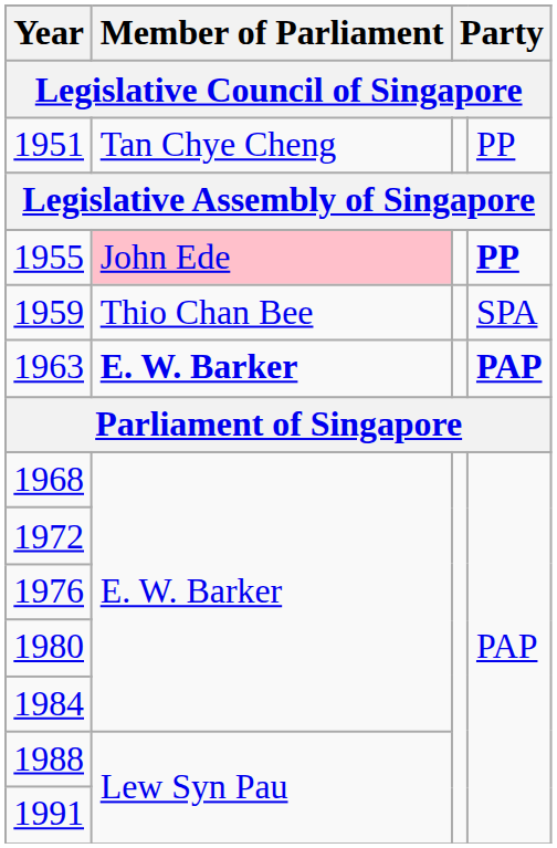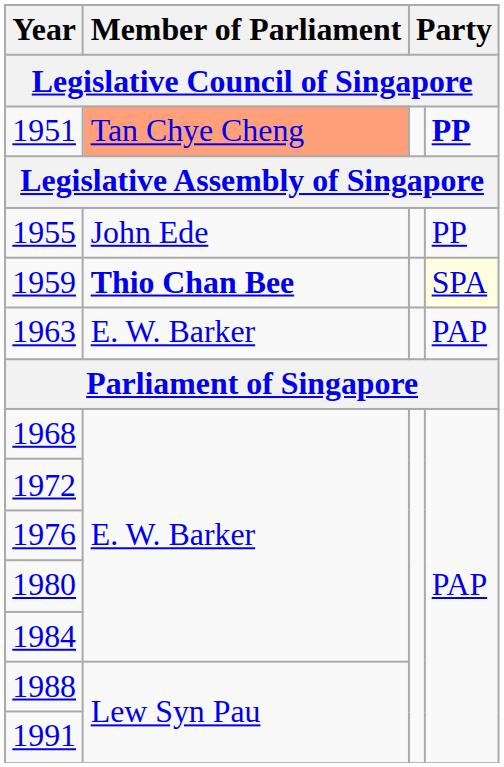 <table class="wikitable">
 <tr>
 <th>Year</th>
 <th>Member of Parliament</th>
 <th colspan="2">Party</th>
 </tr>
 <tr>
 <th colspan="4"><a href='#'>Legislative Council of Singapore</a></th>
 </tr>
 <tr>
 <td><a href='#'>1951</a></td>
-<td><a href='#'>Tan Chye Cheng</a></td>
+<td style="background: lightsalmon;"><a href='#'>Tan Chye Cheng</a></td>
 <td></td>
-<td><a href='#'>PP</a></td>
+<td><strong><a href='#'>PP</a></strong></td>
 </tr>
 <tr>
 <th colspan="4"><a href='#'>Legislative Assembly of Singapore</a></th>
 </tr>
 <tr>
 <td><a href='#'>1955</a></td>
-<td style="background: pink;"><a href='#'>John Ede</a></td>
+<td><a href='#'>John Ede</a></td>
 <td></td>
-<td><strong><a href='#'>PP</a></strong></td>
+<td><a href='#'>PP</a></td>
 </tr>
 <tr>
 <td><a href='#'>1959</a></td>
-<td><a href='#'>Thio Chan Bee</a></td>
+<td><strong><a href='#'>Thio Chan Bee</a></strong></td>
 <td></td>
-<td><a href='#'>SPA</a></td>
+<td style="background: lightyellow;"><a href='#'>SPA</a></td>
 </tr>
 <tr>
 <td><a href='#'>1963</a></td>
-<td><strong><a href='#'>E. W. Barker</a></strong></td>
+<td><a href='#'>E. W. Barker</a></td>
 <td></td>
-<td><strong><a href='#'>PAP</a></strong></td>
+<td><a href='#'>PAP</a></td>
 </tr>
 <tr>
 <th colspan="4"><a href='#'>Parliament of Singapore</a></th>
 </tr>
 <tr>
 <td><a href='#'>1968</a></td>
 <td rowspan="5"><a href='#'>E. W. Barker</a></td>
 <td rowspan="7"></td>
 <td rowspan="7"><a href='#'>PAP</a></td>
 </tr>
 <tr>
 <td><a href='#'>1972</a></td>
 </tr>
 <tr>
 <td><a href='#'>1976</a></td>
 </tr>
 <tr>
 <td><a href='#'>1980</a></td>
 </tr>
 <tr>
 <td><a href='#'>1984</a></td>
 </tr>
 <tr>
 <td><a href='#'>1988</a></td>
 <td rowspan="2"><a href='#'>Lew Syn Pau</a></td>
 </tr>
 <tr>
 <td><a href='#'>1991</a></td>
 </tr>
 </table>
